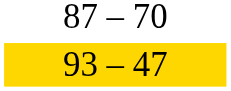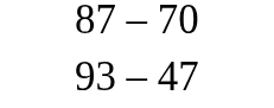 <table style="text-align:center">
 <tr>
 <th width=200></th>
 <th width=100></th>
 <th width=200></th>
 <th></th>
 </tr>
 <tr>
 <td align=right><strong></strong></td>
 <td>87 – 70</td>
 <td align=left></td>
 </tr>
 <tr>
 <td align=right><strong></strong></td>
-<td style="background: gold;">93 – 47</td>
+<td>93 – 47</td>
 <td align=left></td>
 </tr>
 </table>
